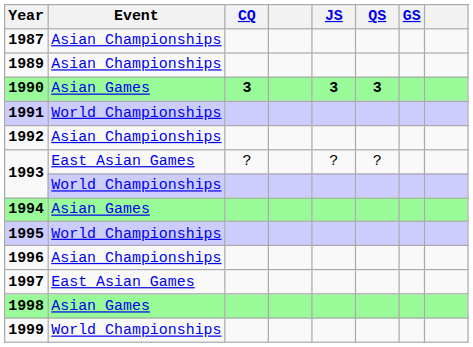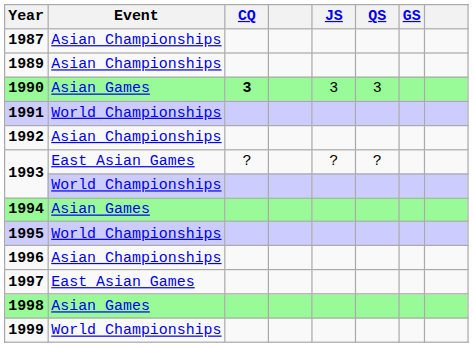 <table class="wikitable" style="text-align:center; font-size:95%;">
 <tr>
 <th align="center">Year</th>
 <th align="center">Event</th>
 <th style="width:30px;"><a href='#'>CQ</a></th>
 <th style="width:30px;"></th>
 <th style="width:30px;"><a href='#'>JS</a></th>
 <th style="width:30px;"><a href='#'>QS</a></th>
 <th><a href='#'>GS</a></th>
 <th style="width:30px;"></th>
 </tr>
 <tr>
 <td><strong>1987</strong></td>
 <td><a href='#'>Asian Championships</a></td>
 <td></td>
 <td></td>
 <td></td>
 <td></td>
 <td></td>
 <td></td>
 </tr>
 <tr>
 <td><strong>1989</strong></td>
 <td><a href='#'>Asian Championships</a></td>
 <td></td>
 <td></td>
 <td></td>
 <td></td>
 <td></td>
 <td></td>
 </tr>
 <tr style="background:#98fb98">
 <td><strong>1990</strong></td>
 <td align="left"><a href='#'>Asian Games</a></td>
 <td><strong>3</strong></td>
 <td></td>
-<td><strong>3</strong></td>
-<td><strong>3</strong></td>
+<td>3</td>
+<td>3</td>
 <td></td>
 <td></td>
 </tr>
 <tr style="background:#ccf">
 <td><strong>1991</strong></td>
 <td align="left"><a href='#'>World Championships</a></td>
 <td></td>
 <td></td>
 <td></td>
 <td></td>
 <td></td>
 <td></td>
 </tr>
 <tr>
 <td><strong>1992</strong></td>
 <td><a href='#'>Asian Championships</a></td>
 <td></td>
 <td></td>
 <td></td>
 <td></td>
 <td></td>
 <td></td>
 </tr>
 <tr>
 <td rowspan="2"><strong>1993</strong></td>
 <td align="left"><a href='#'>East Asian Games</a></td>
 <td>?</td>
 <td></td>
 <td>?</td>
 <td>?</td>
 <td></td>
 <td></td>
 </tr>
 <tr style="background:#ccf">
 <td align="left"><a href='#'>World Championships</a></td>
 <td></td>
 <td></td>
 <td></td>
 <td></td>
 <td></td>
 <td></td>
 </tr>
 <tr style="background:#98fb98">
 <td><strong>1994</strong></td>
 <td align="left"><a href='#'>Asian Games</a></td>
 <td></td>
 <td></td>
 <td></td>
 <td></td>
 <td></td>
 <td></td>
 </tr>
 <tr style="background:#ccf">
 <td><strong>1995</strong></td>
 <td align="left"><a href='#'>World Championships</a></td>
 <td></td>
 <td></td>
 <td></td>
 <td></td>
 <td></td>
 <td></td>
 </tr>
 <tr>
 <td><strong>1996</strong></td>
 <td><a href='#'>Asian Championships</a></td>
 <td></td>
 <td></td>
 <td></td>
 <td></td>
 <td></td>
 <td></td>
 </tr>
 <tr>
 <td><strong>1997</strong></td>
 <td align="left"><a href='#'>East Asian Games</a></td>
 <td></td>
 <td></td>
 <td></td>
 <td></td>
 <td></td>
 <td></td>
 </tr>
 <tr style="background:#98fb98">
 <td><strong>1998</strong></td>
 <td align="left"><a href='#'>Asian Games</a></td>
 <td></td>
 <td></td>
 <td></td>
 <td></td>
 <td></td>
 <td></td>
 </tr>
 <tr>
 <td><strong>1999</strong></td>
 <td align="left"><a href='#'>World Championships</a></td>
 <td></td>
 <td></td>
 <td></td>
 <td></td>
 <td></td>
 <td></td>
 </tr>
 </table>
